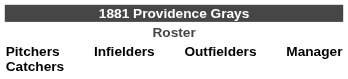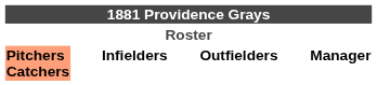 <table class="toccolours" style="font-size: 95%;">
 <tr>
 <th colspan="10" style="background-color: #464646; color: white; text-align: center;">1881 Providence Grays</th>
 </tr>
 <tr>
 <td colspan="10" style="background-color: white; color: #464646; text-align: center;"><strong>Roster</strong></td>
 </tr>
 <tr>
-<td valign="top"><strong>Pitchers</strong><br>  <strong>Catchers</strong>  </td>
+<td valign="top" style="background: lightsalmon;"><strong>Pitchers</strong><br>  <strong>Catchers</strong>  </td>
 <td width="25px"></td>
 <td valign="top"><strong>Infielders</strong><br>    </td>
 <td width="25px"></td>
 <td valign="top"><strong>Outfielders</strong><br>   </td>
 <td width="25px"></td>
 <td valign="top"><strong>Manager</strong><br> </td>
 </tr>
 </table>
